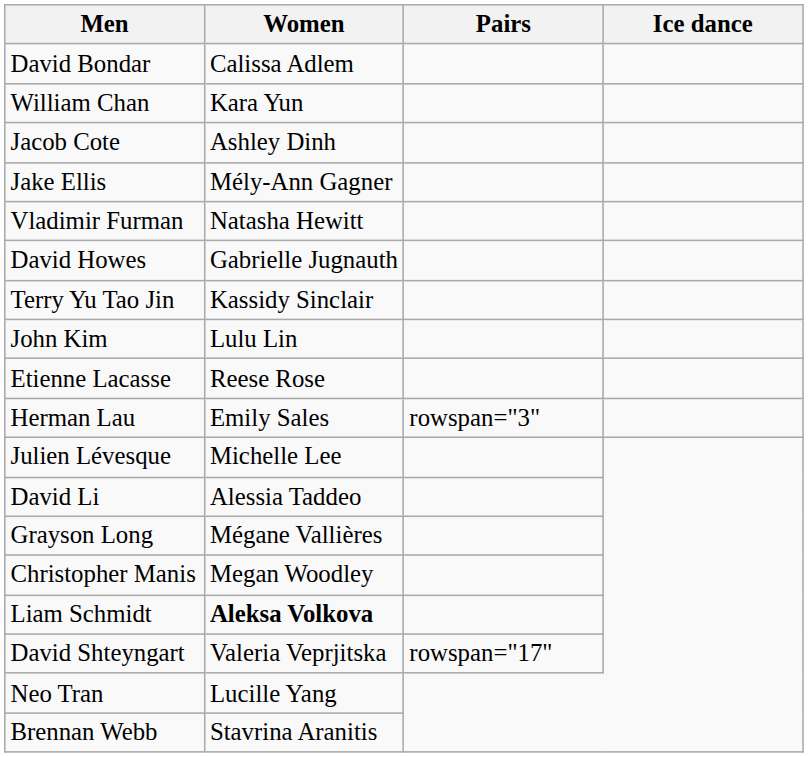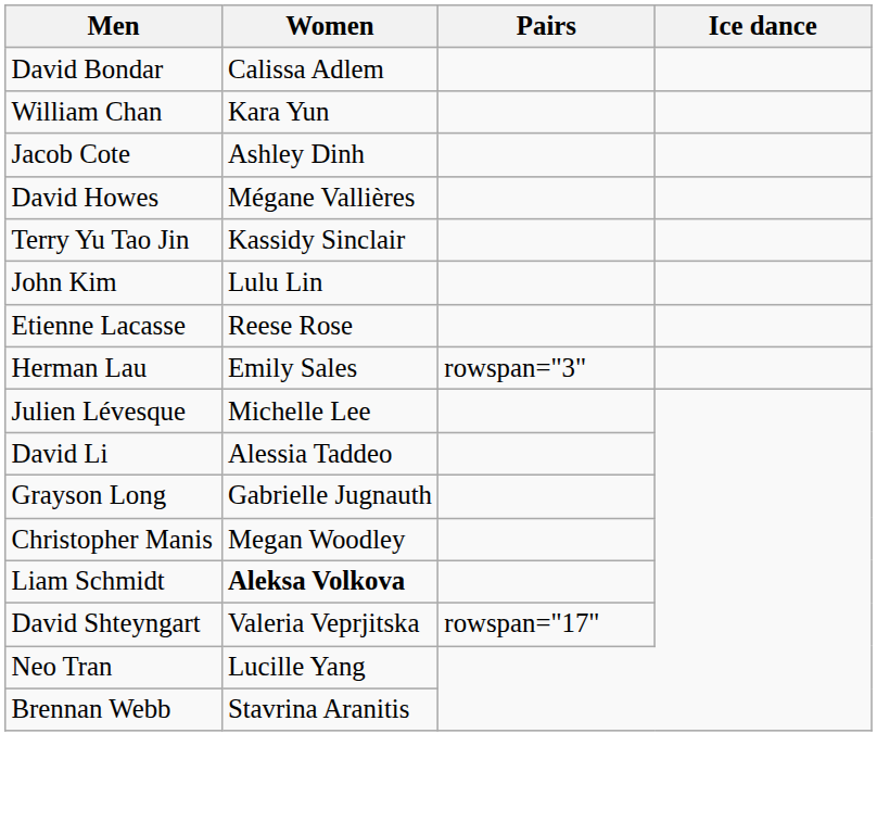 <table class="wikitable unsortable" style="text-align:left;">
 <tr>
 <th scope="col" style="width:25%">Men</th>
 <th scope="col" style="width:25%">Women</th>
 <th scope="col" style="width:25%">Pairs</th>
 <th scope="col" style="width:25%">Ice dance</th>
 </tr>
 <tr>
 <td>David Bondar</td>
 <td>Calissa Adlem</td>
 <td></td>
 <td></td>
 </tr>
 <tr>
 <td>William Chan</td>
 <td>Kara Yun</td>
 <td></td>
 <td></td>
 </tr>
 <tr>
 <td>Jacob Cote</td>
 <td>Ashley Dinh</td>
 <td></td>
 <td></td>
 </tr>
 <tr>
-<td>Jake Ellis</td>
-<td>Mély-Ann Gagner</td>
-<td></td>
-<td></td>
-</tr>
-<tr>
-<td>Vladimir Furman</td>
-<td>Natasha Hewitt</td>
-<td></td>
-<td></td>
-</tr>
-<tr>
 <td>David Howes</td>
-<td>Gabrielle Jugnauth</td>
+<td>Mégane Vallières</td>
 <td></td>
 <td></td>
 </tr>
 <tr>
 <td>Terry Yu Tao Jin</td>
 <td>Kassidy Sinclair</td>
 <td></td>
 <td></td>
 </tr>
 <tr>
 <td>John Kim</td>
 <td>Lulu Lin</td>
 <td></td>
 <td></td>
 </tr>
 <tr>
 <td>Etienne Lacasse</td>
 <td>Reese Rose</td>
 <td></td>
 <td></td>
 </tr>
 <tr>
 <td>Herman Lau</td>
 <td>Emily Sales</td>
 <td>rowspan="3" </td>
 <td></td>
 </tr>
 <tr>
 <td>Julien Lévesque</td>
 <td>Michelle Lee</td>
 <td></td>
 </tr>
 <tr>
 <td>David Li</td>
 <td>Alessia Taddeo</td>
 <td></td>
 </tr>
 <tr>
 <td>Grayson Long</td>
-<td>Mégane Vallières</td>
+<td>Gabrielle Jugnauth</td>
 <td></td>
 </tr>
 <tr>
 <td>Christopher Manis</td>
 <td>Megan Woodley</td>
 <td></td>
 </tr>
 <tr>
 <td>Liam Schmidt</td>
 <td><strong>Aleksa Volkova</strong></td>
 <td></td>
 </tr>
 <tr>
 <td>David Shteyngart</td>
 <td>Valeria Veprjitska</td>
 <td>rowspan="17" </td>
 </tr>
 <tr>
 <td>Neo Tran</td>
 <td>Lucille Yang</td>
 </tr>
 <tr>
 <td>Brennan Webb</td>
 <td>Stavrina Aranitis</td>
 </tr>
 </table>
